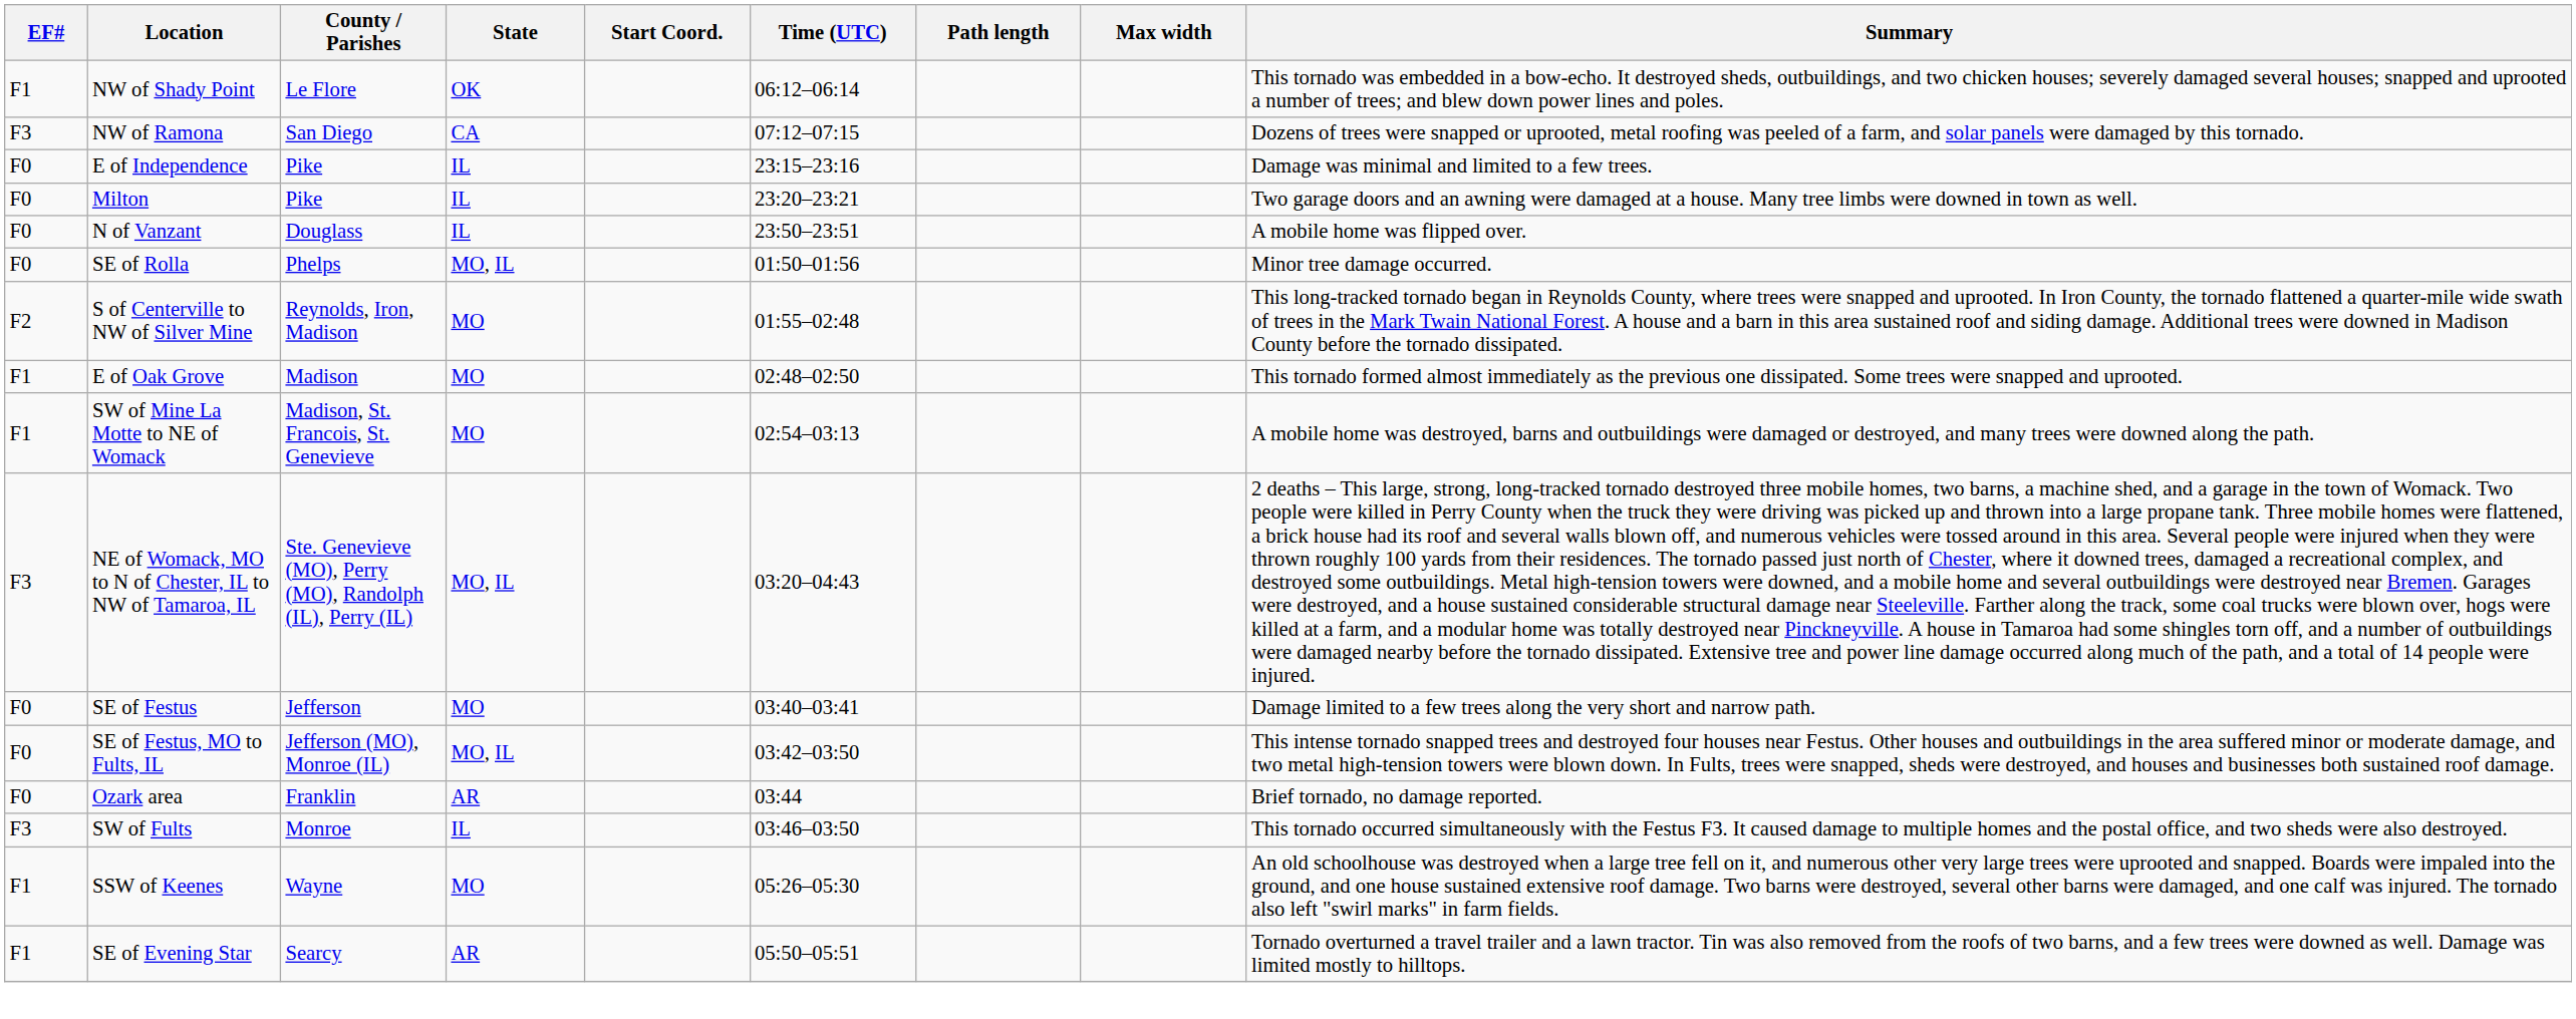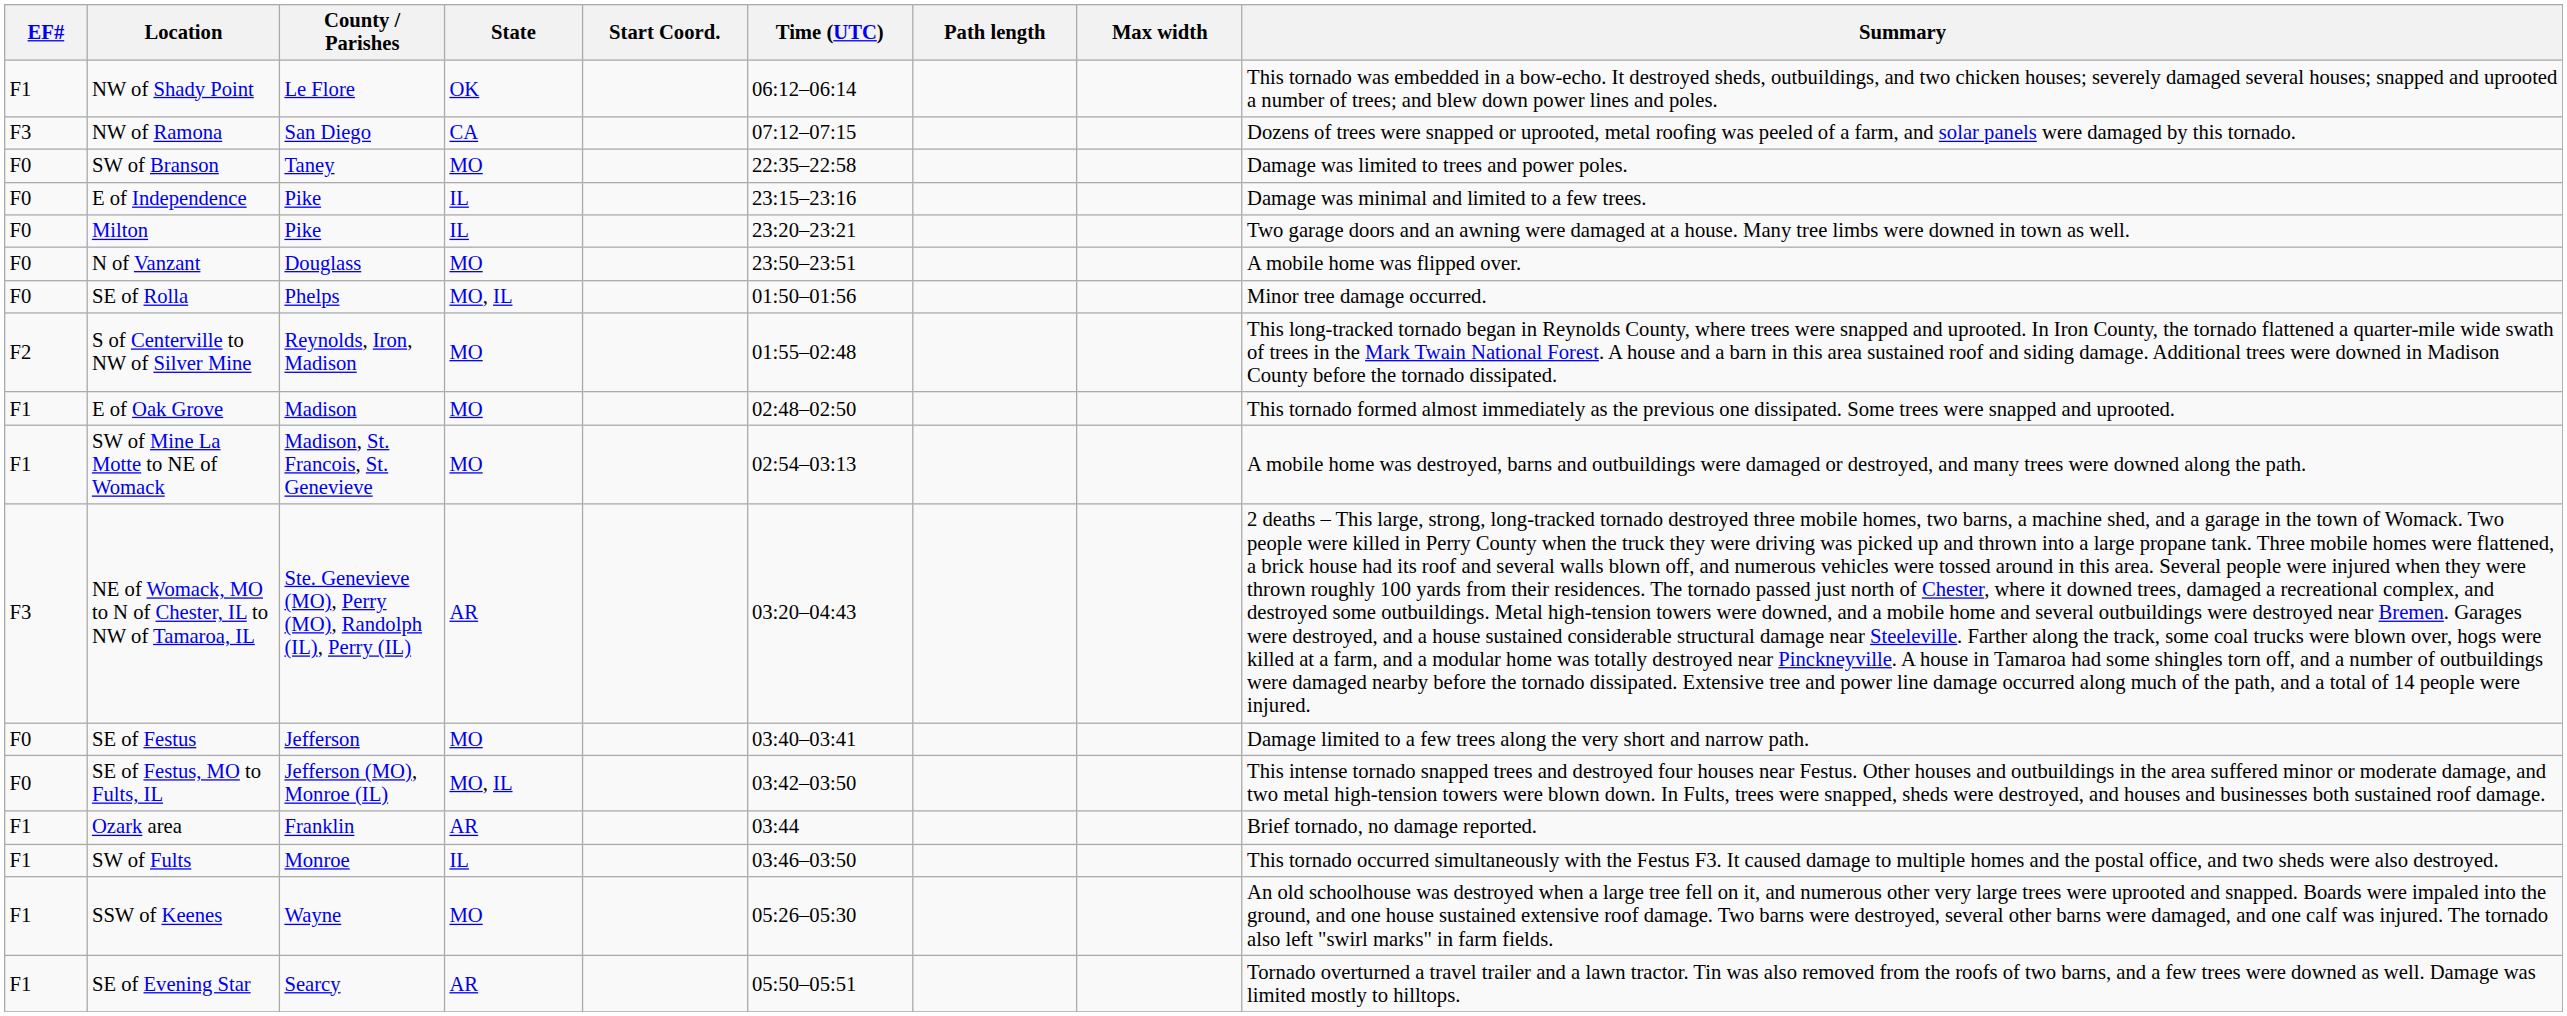 <table class="wikitable sortable" style="width:100%;">
 <tr>
 <th scope="col"  style="width:3%; text-align:center;"><a href='#'>EF#</a></th>
 <th scope="col"  style="width:7%; text-align:center;" class="unsortable">Location</th>
 <th scope="col"  style="width:6%; text-align:center;" class="unsortable">County / Parishes</th>
 <th scope="col"  style="width:5%; text-align:center;">State</th>
 <th scope="col"  style="width:6%; text-align:center;">Start Coord.</th>
 <th scope="col"  style="width:6%; text-align:center;">Time (<a href='#'>UTC</a>)</th>
 <th scope="col"  style="width:6%; text-align:center;">Path length</th>
 <th scope="col"  style="width:6%; text-align:center;">Max width</th>
 <th scope="col" class="unsortable" style="width:48%; text-align:center;">Summary</th>
 </tr>
 <tr>
 <td>F1</td>
 <td>NW of <a href='#'>Shady Point</a></td>
 <td><a href='#'>Le Flore</a></td>
 <td><a href='#'>OK</a></td>
 <td></td>
 <td>06:12–06:14</td>
 <td></td>
 <td></td>
 <td>This tornado was embedded in a bow-echo. It destroyed sheds, outbuildings, and two chicken houses; severely damaged several houses; snapped and uprooted a number of trees; and blew down power lines and poles.</td>
 </tr>
 <tr>
 <td>F3</td>
 <td>NW of <a href='#'>Ramona</a></td>
 <td><a href='#'>San Diego</a></td>
 <td><a href='#'>CA</a></td>
 <td></td>
 <td>07:12–07:15</td>
 <td></td>
 <td></td>
 <td>Dozens of trees were snapped or uprooted, metal roofing was peeled of a farm, and <a href='#'>solar panels</a> were damaged by this tornado.</td>
 </tr>
 <tr>
 <td>F0</td>
+<td>SW of <a href='#'>Branson</a></td>
+<td><a href='#'>Taney</a></td>
+<td><a href='#'>MO</a></td>
+<td></td>
+<td>22:35–22:58</td>
+<td></td>
+<td></td>
+<td>Damage was limited to trees and power poles.</td>
+</tr>
+<tr>
+<td>F0</td>
 <td>E of <a href='#'>Independence</a></td>
 <td><a href='#'>Pike</a></td>
 <td><a href='#'>IL</a></td>
 <td></td>
 <td>23:15–23:16</td>
 <td></td>
 <td></td>
 <td>Damage was minimal and limited to a few trees.</td>
 </tr>
 <tr>
 <td>F0</td>
 <td><a href='#'>Milton</a></td>
 <td><a href='#'>Pike</a></td>
 <td><a href='#'>IL</a></td>
 <td></td>
 <td>23:20–23:21</td>
 <td></td>
 <td></td>
 <td>Two garage doors and an awning were damaged at a house. Many tree limbs were downed in town as well.</td>
 </tr>
 <tr>
 <td>F0</td>
 <td>N of <a href='#'>Vanzant</a></td>
 <td><a href='#'>Douglass</a></td>
-<td><a href='#'>IL</a></td>
+<td><a href='#'>MO</a></td>
 <td></td>
 <td>23:50–23:51</td>
 <td></td>
 <td></td>
 <td>A mobile home was flipped over.</td>
 </tr>
 <tr>
 <td>F0</td>
 <td>SE of <a href='#'>Rolla</a></td>
 <td><a href='#'>Phelps</a></td>
 <td><a href='#'>MO</a>, <a href='#'>IL</a></td>
 <td></td>
 <td>01:50–01:56</td>
 <td></td>
 <td></td>
 <td>Minor tree damage occurred.</td>
 </tr>
 <tr>
 <td>F2</td>
 <td>S of <a href='#'>Centerville</a> to NW of <a href='#'>Silver Mine</a></td>
 <td><a href='#'>Reynolds</a>, <a href='#'>Iron</a>, <a href='#'>Madison</a></td>
 <td><a href='#'>MO</a></td>
 <td></td>
 <td>01:55–02:48</td>
 <td></td>
 <td></td>
 <td>This long-tracked tornado began in Reynolds County, where trees were snapped and uprooted. In Iron County, the tornado flattened a quarter-mile wide swath of trees in the <a href='#'>Mark Twain National Forest</a>. A house and a barn in this area sustained roof and siding damage. Additional trees were downed in Madison County before the tornado dissipated.</td>
 </tr>
 <tr>
 <td>F1</td>
 <td>E of <a href='#'>Oak Grove</a></td>
 <td><a href='#'>Madison</a></td>
 <td><a href='#'>MO</a></td>
 <td></td>
 <td>02:48–02:50</td>
 <td></td>
 <td></td>
 <td>This tornado formed almost immediately as the previous one dissipated. Some trees were snapped and uprooted.</td>
 </tr>
 <tr>
 <td>F1</td>
 <td>SW of <a href='#'>Mine La Motte</a> to NE of <a href='#'>Womack</a></td>
 <td><a href='#'>Madison</a>, <a href='#'>St. Francois</a>, <a href='#'>St. Genevieve</a></td>
 <td><a href='#'>MO</a></td>
 <td></td>
 <td>02:54–03:13</td>
 <td></td>
 <td></td>
 <td>A mobile home was destroyed, barns and outbuildings were damaged or destroyed, and many trees were downed along the path.</td>
 </tr>
 <tr>
 <td>F3</td>
 <td>NE of <a href='#'>Womack, MO</a> to N of <a href='#'>Chester, IL</a> to NW of <a href='#'>Tamaroa, IL</a></td>
 <td><a href='#'>Ste. Genevieve (MO)</a>, <a href='#'>Perry (MO)</a>, <a href='#'>Randolph (IL)</a>, <a href='#'>Perry (IL)</a></td>
-<td><a href='#'>MO</a>, <a href='#'>IL</a></td>
+<td><a href='#'>AR</a></td>
 <td></td>
 <td>03:20–04:43</td>
 <td></td>
 <td></td>
 <td>2 deaths – This large, strong, long-tracked tornado destroyed three mobile homes, two barns, a machine shed, and a garage in the town of Womack. Two people were killed in Perry County when the truck they were driving was picked up and thrown into a large propane tank. Three mobile homes were flattened, a brick house had its roof and several walls blown off, and numerous vehicles were tossed around in this area. Several people were injured when they were thrown roughly  100 yards from their residences. The tornado passed just north of <a href='#'>Chester</a>, where it downed trees, damaged a recreational complex, and destroyed some outbuildings. Metal high-tension towers were downed, and a mobile home and several outbuildings were destroyed near <a href='#'>Bremen</a>. Garages were destroyed, and a house sustained considerable structural damage near <a href='#'>Steeleville</a>. Farther along the track, some coal trucks were blown over, hogs were killed at a farm, and a modular home was totally destroyed near <a href='#'>Pinckneyville</a>. A house in Tamaroa had some shingles torn off, and a number of outbuildings were damaged nearby before the tornado dissipated. Extensive tree and power line damage occurred along much of the path, and a total of 14 people were injured.</td>
 </tr>
 <tr>
 <td>F0</td>
 <td>SE of <a href='#'>Festus</a></td>
 <td><a href='#'>Jefferson</a></td>
 <td><a href='#'>MO</a></td>
 <td></td>
 <td>03:40–03:41</td>
 <td></td>
 <td></td>
 <td>Damage limited to a few trees along the very short and narrow path.</td>
 </tr>
 <tr>
 <td>F0</td>
 <td>SE of <a href='#'>Festus, MO</a> to <a href='#'>Fults, IL</a></td>
 <td><a href='#'>Jefferson (MO)</a>, <a href='#'>Monroe (IL)</a></td>
 <td><a href='#'>MO</a>, <a href='#'>IL</a></td>
 <td></td>
 <td>03:42–03:50</td>
 <td></td>
 <td></td>
 <td>This intense tornado snapped trees and destroyed four houses near Festus. Other houses and outbuildings in the area suffered minor or  moderate damage, and two metal high-tension towers were blown down. In Fults, trees were snapped, sheds were destroyed, and houses and businesses both sustained roof damage.</td>
 </tr>
 <tr>
-<td>F0</td>
+<td>F1</td>
 <td><a href='#'>Ozark</a> area</td>
 <td><a href='#'>Franklin</a></td>
 <td><a href='#'>AR</a></td>
 <td></td>
 <td>03:44</td>
 <td></td>
 <td></td>
 <td>Brief tornado, no damage reported.</td>
 </tr>
 <tr>
-<td>F3</td>
+<td>F1</td>
 <td>SW of <a href='#'>Fults</a></td>
 <td><a href='#'>Monroe</a></td>
 <td><a href='#'>IL</a></td>
 <td></td>
 <td>03:46–03:50</td>
 <td></td>
 <td></td>
 <td>This tornado occurred simultaneously with the Festus F3. It caused damage to multiple homes and the postal office, and two sheds were also destroyed.</td>
 </tr>
 <tr>
 <td>F1</td>
 <td>SSW of <a href='#'>Keenes</a></td>
 <td><a href='#'>Wayne</a></td>
 <td><a href='#'>MO</a></td>
 <td></td>
 <td>05:26–05:30</td>
 <td></td>
 <td></td>
 <td>An old schoolhouse was destroyed when a large tree fell on it, and numerous other very large trees were uprooted and snapped. Boards were impaled into the ground, and one house sustained extensive roof damage. Two barns were destroyed, several other barns were damaged, and one calf was injured. The tornado also left "swirl marks" in farm fields.</td>
 </tr>
 <tr>
 <td>F1</td>
 <td>SE of <a href='#'>Evening Star</a></td>
 <td><a href='#'>Searcy</a></td>
 <td><a href='#'>AR</a></td>
 <td></td>
 <td>05:50–05:51</td>
 <td></td>
 <td></td>
 <td>Tornado overturned a travel trailer and a lawn tractor. Tin was also removed from the roofs of two barns, and a few trees were downed as well. Damage was limited mostly to hilltops.</td>
 </tr>
 <tr>
 </tr>
 </table>
